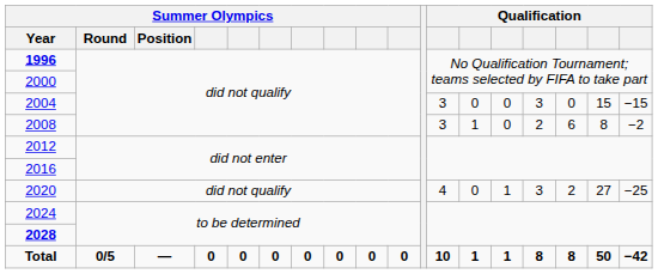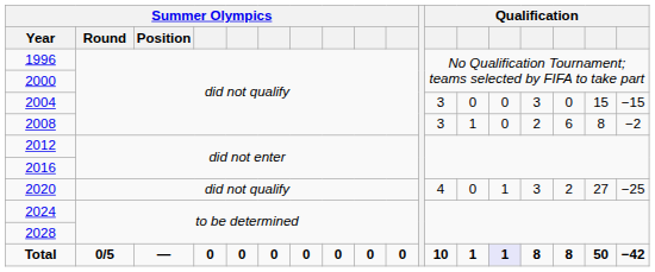 <table class="wikitable" style="text-align: center;font-size:100%;">
 <tr>
 <th colspan=10><a href='#'>Summer Olympics</a></th>
 <th rowspan="22"></th>
 <th colspan=7>Qualification</th>
 </tr>
 <tr>
 <th width=75>Year</th>
 <th width=60>Round</th>
 <th width=30>Position</th>
 <th width=30></th>
 <th width=30></th>
 <th width=30></th>
 <th width=30></th>
 <th width=30></th>
 <th width=30></th>
 <th width=30></th>
 <th width=30></th>
 <th width=30></th>
 <th width=30></th>
 <th width=30></th>
 <th width=30></th>
 <th width=30></th>
 <th width=30></th>
 </tr>
 <tr>
-<td><strong> <a href='#'>1996</a></strong></td>
+<td> <a href='#'>1996</a></td>
 <td rowspan=4 colspan=9><em>did not qualify</em></td>
 <td rowspan=2 colspan=7><em>No Qualification Tournament; teams selected by FIFA to take part</em></td>
 </tr>
 <tr>
 <td> <a href='#'>2000</a></td>
 </tr>
 <tr>
 <td> <a href='#'>2004</a></td>
 <td>3</td>
 <td>0</td>
 <td>0</td>
 <td>3</td>
 <td>0</td>
 <td>15</td>
 <td>−15</td>
 </tr>
 <tr>
 <td> <a href='#'>2008</a></td>
 <td>3</td>
 <td>1</td>
 <td>0</td>
 <td>2</td>
 <td>6</td>
 <td>8</td>
 <td>−2</td>
 </tr>
 <tr>
 <td> <a href='#'>2012</a></td>
 <td rowspan=2 colspan=9><em>did not enter</em></td>
 </tr>
 <tr>
 <td> <a href='#'>2016</a></td>
 </tr>
 <tr>
 <td> <a href='#'>2020</a></td>
 <td rowspan=1 colspan=9><em>did not qualify</em></td>
 <td>4</td>
 <td>0</td>
 <td>1</td>
 <td>3</td>
 <td>2</td>
 <td>27</td>
 <td>−25</td>
 </tr>
 <tr>
 <td> <a href='#'>2024</a></td>
 <td rowspan=2 colspan=9><em>to be determined</em></td>
 </tr>
 <tr>
-<td><strong> <a href='#'>2028</a></strong></td>
+<td> <a href='#'>2028</a></td>
 </tr>
 <tr>
 <td><strong>Total</strong></td>
 <td><strong>0/5</strong></td>
 <td><strong>—</strong></td>
 <td><strong>0</strong></td>
 <td><strong>0</strong></td>
 <td><strong>0</strong></td>
 <td><strong>0</strong></td>
 <td><strong>0</strong></td>
 <td><strong>0</strong></td>
 <td><strong>0</strong></td>
 <td><strong>10</strong></td>
 <td><strong>1</strong></td>
-<td><strong>1</strong></td>
+<td style="background: lavender;"><strong>1</strong></td>
 <td><strong>8</strong></td>
 <td><strong>8</strong></td>
 <td><strong>50</strong></td>
 <td><strong>−42</strong></td>
 </tr>
 </table>
